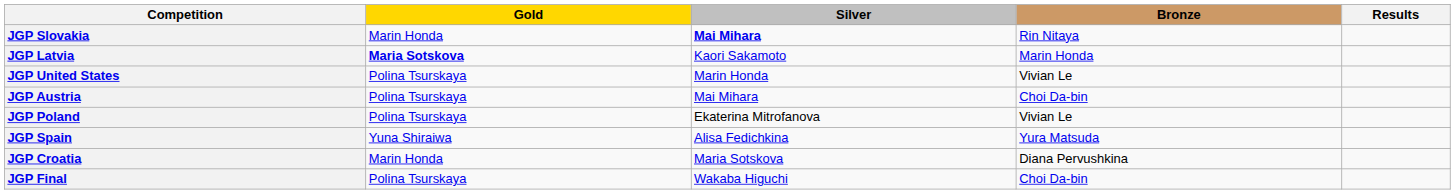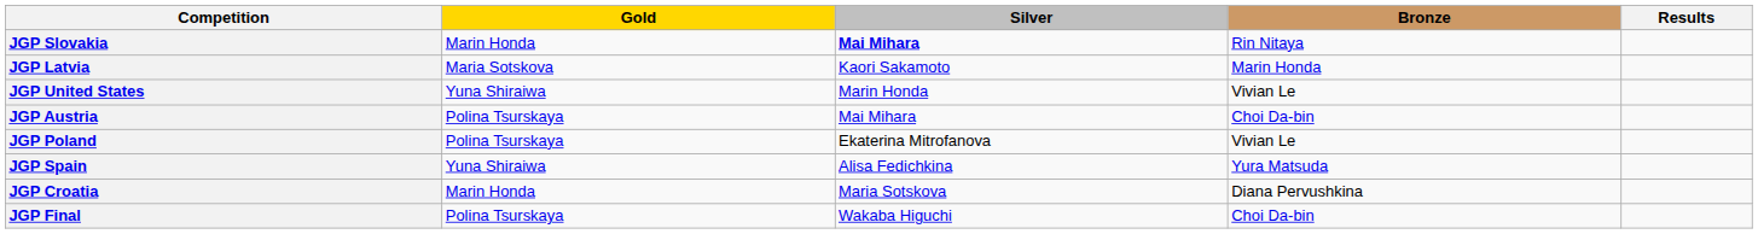 <table class="wikitable unsortable" style="text-align:left; width:90%">
 <tr>
 <th scope="col" style="text-align:center; width:25%;">Competition</th>
 <td scope="col" style="text-align:center; width:22.5%; background:gold"><strong>Gold</strong></td>
 <td scope="col" style="text-align:center; width:22.5%; background:silver"><strong>Silver</strong></td>
 <td scope="col" style="text-align:center; width:22.5%; background:#c96"><strong>Bronze</strong></td>
 <th scope="col" style="text-align:center; width:7.5%;">Results</th>
 </tr>
 <tr>
 <th scope="row" style="text-align:left"> <a href='#'>JGP Slovakia</a></th>
 <td> <a href='#'>Marin Honda</a></td>
 <td><strong> <a href='#'>Mai Mihara</a></strong></td>
 <td> <a href='#'>Rin Nitaya</a></td>
 <td></td>
 </tr>
 <tr>
 <th scope="row" style="text-align:left"> <a href='#'>JGP Latvia</a></th>
-<td><strong> <a href='#'>Maria Sotskova</a></strong></td>
+<td> <a href='#'>Maria Sotskova</a></td>
 <td> <a href='#'>Kaori Sakamoto</a></td>
 <td> <a href='#'>Marin Honda</a></td>
 <td></td>
 </tr>
 <tr>
 <th scope="row" style="text-align:left"> <a href='#'>JGP United States</a></th>
-<td> <a href='#'>Polina Tsurskaya</a></td>
+<td> <a href='#'>Yuna Shiraiwa</a></td>
 <td> <a href='#'>Marin Honda</a></td>
 <td> Vivian Le</td>
 <td></td>
 </tr>
 <tr>
 <th scope="row" style="text-align:left"> <a href='#'>JGP Austria</a></th>
 <td> <a href='#'>Polina Tsurskaya</a></td>
 <td> <a href='#'>Mai Mihara</a></td>
 <td> <a href='#'>Choi Da-bin</a></td>
 <td></td>
 </tr>
 <tr>
 <th scope="row" style="text-align:left"> <a href='#'>JGP Poland</a></th>
 <td> <a href='#'>Polina Tsurskaya</a></td>
 <td> Ekaterina Mitrofanova</td>
 <td> Vivian Le</td>
 <td></td>
 </tr>
 <tr>
 <th scope="row" style="text-align:left"> <a href='#'>JGP Spain</a></th>
 <td> <a href='#'>Yuna Shiraiwa</a></td>
 <td> <a href='#'>Alisa Fedichkina</a></td>
 <td> <a href='#'>Yura Matsuda</a></td>
 <td></td>
 </tr>
 <tr>
 <th scope="row" style="text-align:left"> <a href='#'>JGP Croatia</a></th>
 <td> <a href='#'>Marin Honda</a></td>
 <td> <a href='#'>Maria Sotskova</a></td>
 <td> Diana Pervushkina</td>
 <td></td>
 </tr>
 <tr>
 <th scope="row" style="text-align:left"> <a href='#'>JGP Final</a></th>
 <td> <a href='#'>Polina Tsurskaya</a></td>
 <td> <a href='#'>Wakaba Higuchi</a></td>
 <td> <a href='#'>Choi Da-bin</a></td>
 <td></td>
 </tr>
 </table>
